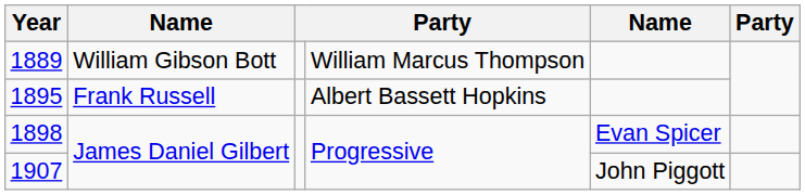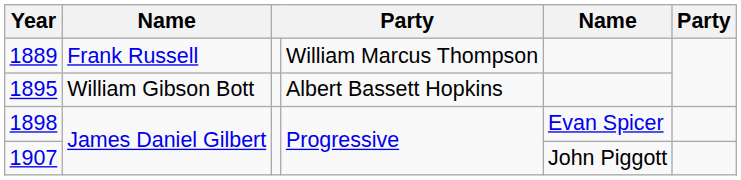 <table class="wikitable">
 <tr>
 <th>Year</th>
 <th>Name</th>
 <th colspan=2>Party</th>
 <th>Name</th>
 <th colspan=2>Party</th>
 </tr>
 <tr>
 <td><a href='#'>1889</a></td>
-<td>William Gibson Bott</td>
+<td><a href='#'>Frank Russell</a></td>
 <td></td>
 <td>William Marcus Thompson</td>
 <td></td>
 </tr>
 <tr>
 <td><a href='#'>1895</a></td>
-<td><a href='#'>Frank Russell</a></td>
+<td>William Gibson Bott</td>
 <td></td>
 <td>Albert Bassett Hopkins</td>
 <td></td>
 </tr>
 <tr>
 <td><a href='#'>1898</a></td>
 <td rowspan=2><a href='#'>James Daniel Gilbert</a></td>
 <td rowspan=2 style="background-color: "></td>
 <td rowspan=2><a href='#'>Progressive</a></td>
 <td><a href='#'>Evan Spicer</a></td>
 <td></td>
 </tr>
 <tr>
 <td><a href='#'>1907</a></td>
 <td>John Piggott</td>
 <td></td>
 </tr>
 </table>
